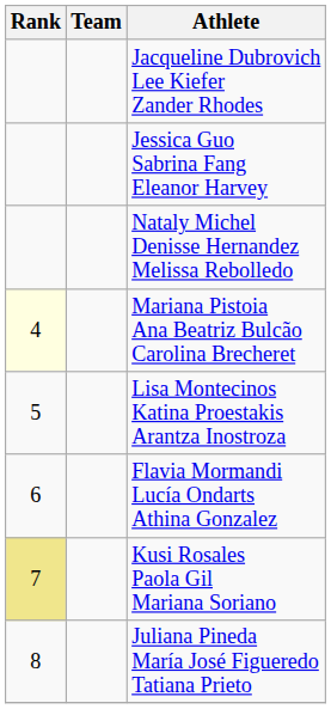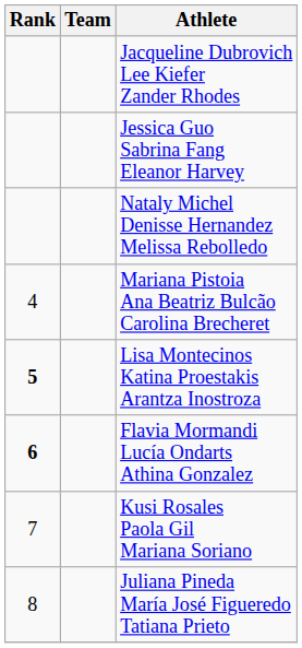 <table class="wikitable sortable" style="text-align:center">
 <tr>
 <th>Rank</th>
 <th>Team</th>
 <th class="unsortable">Athlete</th>
 </tr>
 <tr>
 <td></td>
 <td align="left"></td>
 <td align="left"><a href='#'>Jacqueline Dubrovich</a><br><a href='#'>Lee Kiefer</a><br><a href='#'>Zander Rhodes</a></td>
 </tr>
 <tr>
 <td></td>
 <td align="left"></td>
 <td align="left"><a href='#'>Jessica Guo</a><br><a href='#'>Sabrina Fang</a><br><a href='#'>Eleanor Harvey</a></td>
 </tr>
 <tr>
 <td></td>
 <td align="left"></td>
 <td align="left"><a href='#'>Nataly Michel</a><br><a href='#'>Denisse Hernandez</a><br><a href='#'>Melissa Rebolledo</a></td>
 </tr>
 <tr>
-<td style="background: lightyellow;">4</td>
+<td>4</td>
 <td align="left"></td>
 <td align="left"><a href='#'>Mariana Pistoia</a><br><a href='#'>Ana Beatriz Bulcão</a><br><a href='#'>Carolina Brecheret</a></td>
 </tr>
 <tr>
-<td>5</td>
+<td><strong>5</strong></td>
 <td align="left"></td>
 <td align="left"><a href='#'>Lisa Montecinos</a><br><a href='#'>Katina Proestakis</a><br><a href='#'>Arantza Inostroza</a></td>
 </tr>
 <tr>
-<td>6</td>
+<td><strong>6</strong></td>
 <td align="left"></td>
 <td align="left"><a href='#'>Flavia Mormandi</a><br><a href='#'>Lucía Ondarts</a><br><a href='#'>Athina Gonzalez</a></td>
 </tr>
 <tr>
-<td style="background: khaki;">7</td>
+<td>7</td>
 <td align="left"></td>
 <td align="left"><a href='#'>Kusi Rosales</a><br><a href='#'>Paola Gil</a><br><a href='#'>Mariana Soriano</a></td>
 </tr>
 <tr>
 <td>8</td>
 <td align="left"></td>
 <td align="left"><a href='#'>Juliana Pineda</a><br><a href='#'>María José Figueredo</a><br><a href='#'>Tatiana Prieto</a></td>
 </tr>
 <tr>
 </tr>
 </table>
